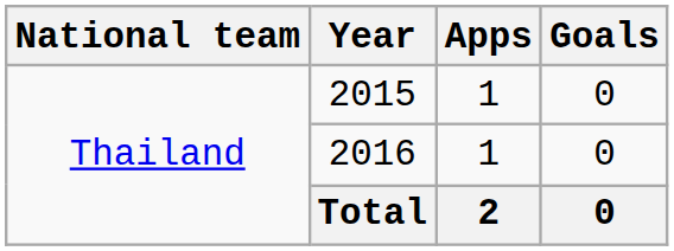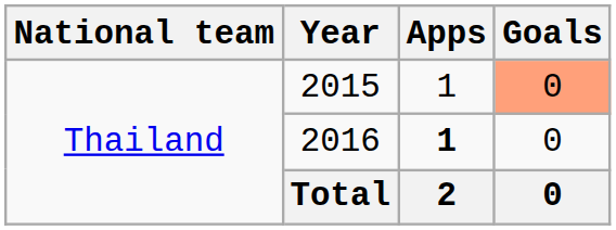 <table class="wikitable" style="text-align:center">
 <tr>
 <th>National team</th>
 <th>Year</th>
 <th>Apps</th>
 <th>Goals</th>
 </tr>
 <tr>
 <td rowspan="5" valign="center"><a href='#'>Thailand</a></td>
 <td>2015</td>
 <td>1</td>
-<td>0</td>
+<td style="background: lightsalmon;">0</td>
 </tr>
 <tr>
 <td>2016</td>
-<td>1</td>
+<td><strong>1</strong></td>
 <td>0</td>
 </tr>
 <tr>
 <th>Total</th>
 <th>2</th>
 <th>0</th>
 </tr>
 </table>
